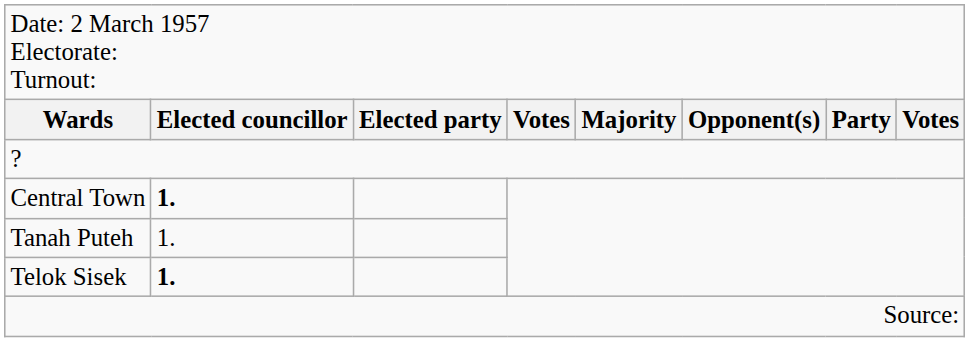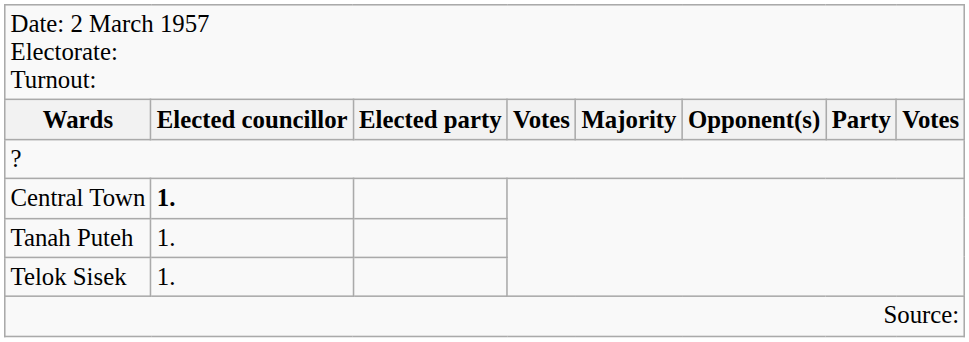 <table class=wikitable>
 <tr>
 <td colspan=8>Date: 2 March 1957<br>Electorate: <br>Turnout:</td>
 </tr>
 <tr>
 <th>Wards</th>
 <th>Elected councillor</th>
 <th>Elected party</th>
 <th>Votes</th>
 <th>Majority</th>
 <th>Opponent(s)</th>
 <th>Party</th>
 <th>Votes</th>
 </tr>
 <tr>
 <td colspan=8>? </td>
 </tr>
 <tr>
 <td>Central Town</td>
 <td><strong>1.</strong></td>
 <td></td>
 </tr>
 <tr>
 <td>Tanah Puteh</td>
 <td>1.</td>
 <td></td>
 </tr>
 <tr>
 <td>Telok Sisek</td>
-<td><strong>1.</strong></td>
+<td>1.</td>
 <td></td>
 </tr>
 <tr>
 <td colspan=8 align=right>Source: </td>
 </tr>
 </table>
